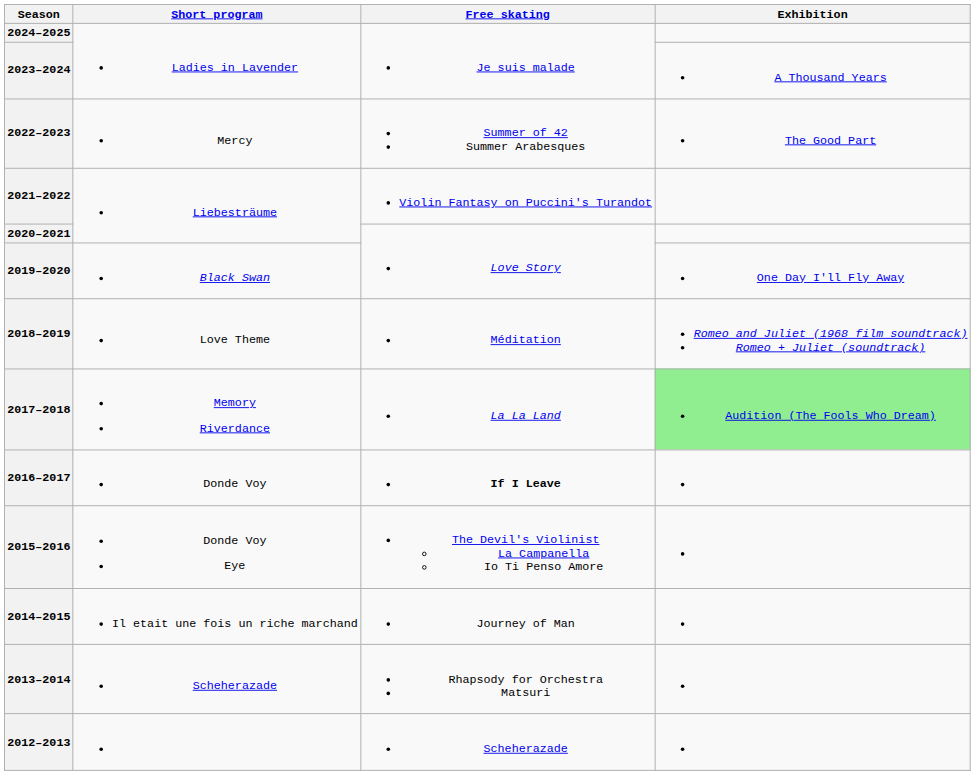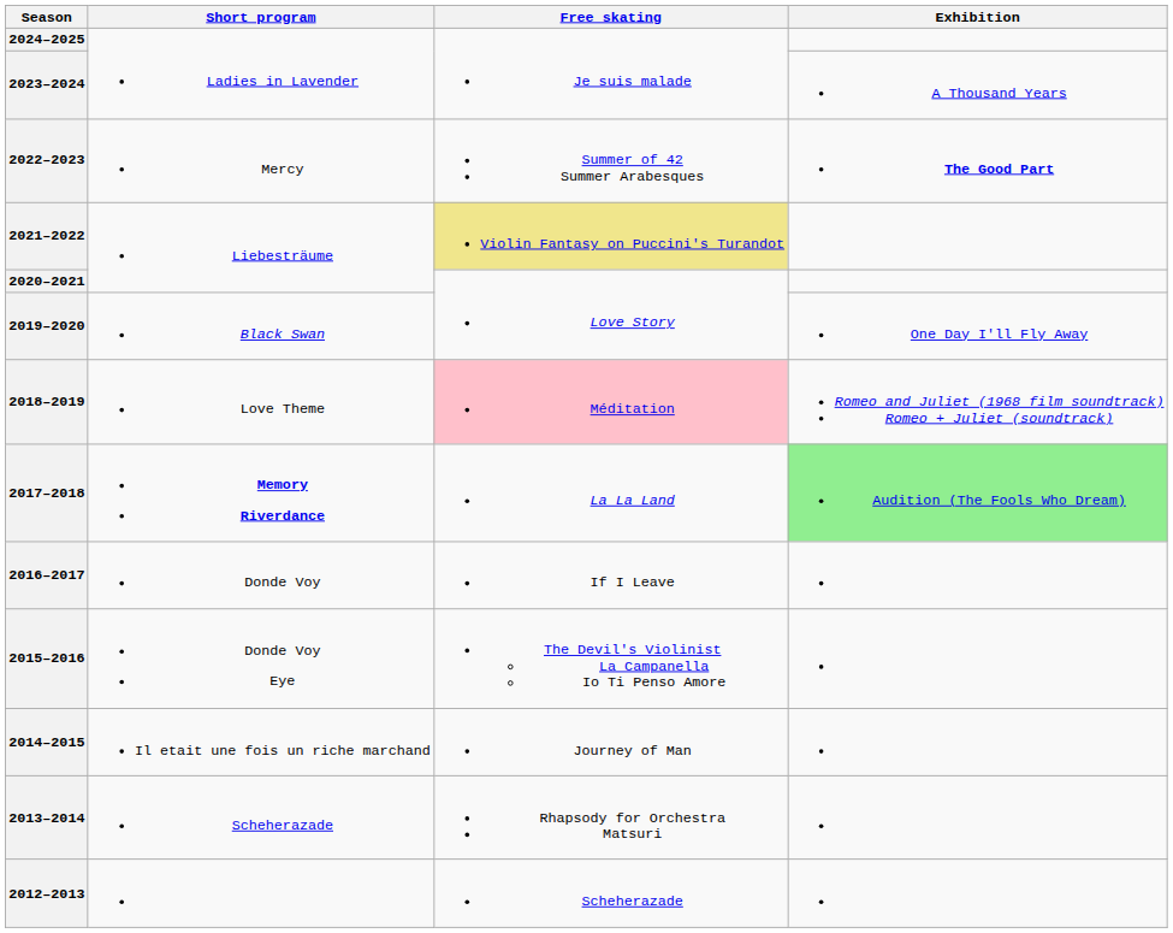 <table class="wikitable" style="text-align:center">
 <tr>
 <th>Season</th>
 <th><a href='#'>Short program</a></th>
 <th><a href='#'>Free skating</a></th>
 <th>Exhibition</th>
 </tr>
 <tr>
 <th>2024–2025 <br> </th>
 <td rowspan=2><br><ul><li><a href='#'>Ladies in Lavender</a> <br> </li></ul></td>
 <td rowspan=2><br><ul><li><a href='#'>Je suis malade</a> <br> </li></ul></td>
 <td></td>
 </tr>
 <tr>
 <th>2023–2024 <br> </th>
 <td><br><ul><li><a href='#'>A Thousand Years</a> <br> </li></ul></td>
 </tr>
 <tr>
 <th>2022–2023 <br> </th>
 <td><br><ul><li>Mercy <br> </li></ul></td>
 <td><br><ul><li><a href='#'>Summer of 42</a> <br> </li><li>Summer Arabesques <br> </li></ul></td>
-<td><br><ul><li><a href='#'>The Good Part</a> <br> </li></ul></td>
+<td><strong><br><ul><li><a href='#'>The Good Part</a> <br> </li></ul></strong></td>
 </tr>
 <tr>
 <th>2021–2022 <br></th>
 <td rowspan=2><br><ul><li><a href='#'>Liebesträume</a> <br> </li></ul></td>
-<td><br><ul><li><a href='#'>Violin Fantasy on Puccini's Turandot</a> <br> </li></ul></td>
+<td style="background: khaki;"><br><ul><li><a href='#'>Violin Fantasy on Puccini's Turandot</a> <br> </li></ul></td>
 <td></td>
 </tr>
 <tr>
 <th>2020–2021 <br></th>
 <td rowspan=2><br><ul><li><em><a href='#'>Love Story</a></em> <br> </li></ul></td>
 <td></td>
 </tr>
 <tr>
 <th>2019–2020 <br></th>
 <td><br><ul><li><em><a href='#'>Black Swan</a></em> <br> </li></ul></td>
 <td><br><ul><li><a href='#'>One Day I'll Fly Away</a> <br> </li></ul></td>
 </tr>
 <tr>
 <th>2018–2019 <br></th>
 <td><br><ul><li>Love Theme <br> </li></ul></td>
-<td><br><ul><li><a href='#'>Méditation</a> <br> </li></ul></td>
+<td style="background: pink;"><br><ul><li><a href='#'>Méditation</a> <br> </li></ul></td>
 <td><br><ul><li><em><a href='#'>Romeo and Juliet (1968 film soundtrack)</a></em> <br> </li><li><em><a href='#'>Romeo + Juliet (soundtrack)</a></em> <br> </li></ul></td>
 </tr>
 <tr>
 <th>2017–2018 <br></th>
-<td><br><ul><li><a href='#'>Memory</a> <br> </li></ul><ul><li><a href='#'>Riverdance</a> <br></li></ul></td>
+<td><strong><br><ul><li><a href='#'>Memory</a> <br> </li></ul><ul><li><a href='#'>Riverdance</a> <br></li></ul></strong></td>
 <td><br><ul><li><em><a href='#'>La La Land</a></em> <br></li></ul></td>
 <td style="background: lightgreen;"><br><ul><li><a href='#'>Audition (The Fools Who Dream)</a> <br> </li></ul></td>
 </tr>
 <tr>
 <th>2016–2017 <br> </th>
 <td><br><ul><li>Donde Voy <br></li></ul></td>
-<td><strong><br><ul><li>If I Leave <br></li></ul></strong></td>
+<td><br><ul><li>If I Leave <br></li></ul></td>
 <td><br><ul><li></li></ul></td>
 </tr>
 <tr>
 <th>2015–2016</th>
 <td><br><ul><li>Donde Voy <br></li></ul><ul><li>Eye <br></li></ul></td>
 <td><br><ul><li><a href='#'>The Devil's Violinist</a> <br><ul><li><a href='#'>La Campanella</a></li><li>Io Ti Penso Amore <br></li></ul></li></ul></td>
 <td><br><ul><li></li></ul></td>
 </tr>
 <tr>
 <th>2014–2015</th>
 <td><br><ul><li>Il etait une fois un riche marchand <br></li></ul></td>
 <td><br><ul><li>Journey of Man <br></li></ul></td>
 <td><br><ul><li></li></ul></td>
 </tr>
 <tr>
 <th>2013–2014</th>
 <td><br><ul><li><a href='#'>Scheherazade</a> <br></li></ul></td>
 <td><br><ul><li>Rhapsody for Orchestra <br></li><li>Matsuri <br></li></ul></td>
 <td><br><ul><li></li></ul></td>
 </tr>
 <tr>
 <th>2012–2013</th>
 <td><br><ul><li></li></ul></td>
 <td><br><ul><li><a href='#'>Scheherazade</a> <br></li></ul></td>
 <td><br><ul><li></li></ul></td>
 </tr>
 </table>
